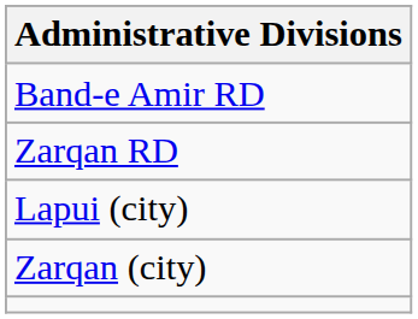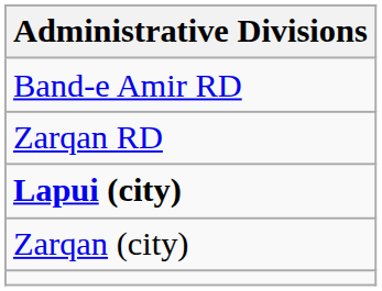 <table class="wikitable">
 <tr>
 <th>Administrative Divisions</th>
 </tr>
 <tr>
 <td><a href='#'>Band-e Amir RD</a></td>
 </tr>
 <tr>
 <td><a href='#'>Zarqan RD</a></td>
 </tr>
 <tr>
-<td><a href='#'>Lapui</a> (city)</td>
+<td><strong><a href='#'>Lapui</a> (city)</strong></td>
 </tr>
 <tr>
 <td><a href='#'>Zarqan</a> (city)</td>
 </tr>
 <tr>
 <td colspan=1></td>
 </tr>
 </table>
